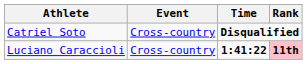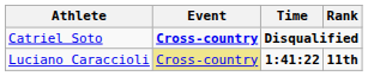 <table class=wikitable style="font-size:90%">
 <tr>
 <th>Athlete</th>
 <th>Event</th>
 <th>Time</th>
 <th>Rank</th>
 </tr>
 <tr>
 <td><a href='#'>Catriel Soto</a></td>
-<td><a href='#'>Cross-country</a></td>
+<td><strong><a href='#'>Cross-country</a></strong></td>
 <td align="center" colspan="7"><strong>Disqualified</strong></td>
 </tr>
 <tr>
 <td><a href='#'>Luciano Caraccioli</a></td>
-<td><a href='#'>Cross-country</a></td>
+<td style="background: khaki;"><a href='#'>Cross-country</a></td>
 <td align=center><strong>1:41:22</strong></td>
-<td align=center style="background: pink;"><strong>11th</strong></td>
+<td align=center><strong>11th</strong></td>
 </tr>
 </table>
